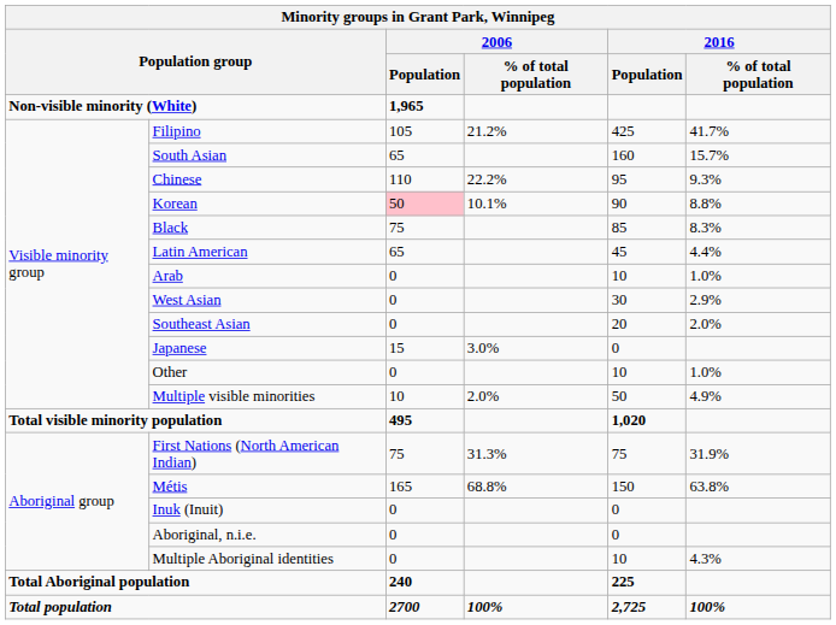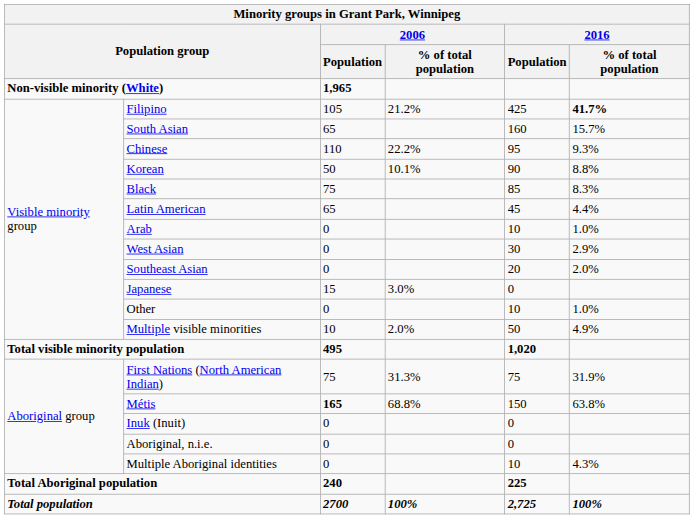 <table class="wikitable">
 <tr>
 <th colspan="6">Minority groups in Grant Park, Winnipeg</th>
 </tr>
 <tr>
 <th colspan="2" rowspan="2">Population group</th>
 <th colspan="2"><a href='#'>2006</a></th>
 <th colspan="2"><a href='#'>2016</a></th>
 </tr>
 <tr>
 <th>Population</th>
 <th>% of total population</th>
 <th>Population</th>
 <th>% of total population</th>
 </tr>
 <tr>
 <td colspan="2"><strong>Non-visible minority (<a href='#'>White</a>)</strong></td>
 <td><strong>1,965</strong></td>
 <td><strong></strong></td>
 <td></td>
 <td></td>
 </tr>
 <tr>
 <td rowspan="12"><a href='#'>Visible minority</a> group</td>
 <td><a href='#'>Filipino</a></td>
 <td>105</td>
 <td>21.2%</td>
 <td>425</td>
-<td>41.7%</td>
+<td><strong>41.7%</strong></td>
 </tr>
 <tr>
 <td><a href='#'>South Asian</a></td>
 <td>65</td>
 <td></td>
 <td>160</td>
 <td>15.7%</td>
 </tr>
 <tr>
 <td><a href='#'>Chinese</a></td>
 <td>110</td>
 <td>22.2%</td>
 <td>95</td>
 <td>9.3%</td>
 </tr>
 <tr>
 <td><a href='#'>Korean</a></td>
-<td style="background: pink;">50</td>
+<td>50</td>
 <td>10.1%</td>
 <td>90</td>
 <td>8.8%</td>
 </tr>
 <tr>
 <td><a href='#'>Black</a></td>
 <td>75</td>
 <td></td>
 <td>85</td>
 <td>8.3%</td>
 </tr>
 <tr>
 <td><a href='#'>Latin American</a></td>
 <td>65</td>
 <td></td>
 <td>45</td>
 <td>4.4%</td>
 </tr>
 <tr>
 <td><a href='#'>Arab</a></td>
 <td>0</td>
 <td></td>
 <td>10</td>
 <td>1.0%</td>
 </tr>
 <tr>
 <td><a href='#'>West Asian</a></td>
 <td>0</td>
 <td></td>
 <td>30</td>
 <td>2.9%</td>
 </tr>
 <tr>
 <td><a href='#'>Southeast Asian</a></td>
 <td>0</td>
 <td></td>
 <td>20</td>
 <td>2.0%</td>
 </tr>
 <tr>
 <td><a href='#'>Japanese</a></td>
 <td>15</td>
 <td>3.0%</td>
 <td>0</td>
 <td></td>
 </tr>
 <tr>
 <td>Other</td>
 <td>0</td>
 <td></td>
 <td>10</td>
 <td>1.0%</td>
 </tr>
 <tr>
 <td><a href='#'>Multiple</a> visible minorities</td>
 <td>10</td>
 <td>2.0%</td>
 <td>50</td>
 <td>4.9%</td>
 </tr>
 <tr>
 <td colspan="2"><strong>Total visible minority population</strong></td>
 <td><strong>495</strong></td>
 <td><strong></strong></td>
 <td><strong>1,020</strong></td>
 <td><strong></strong></td>
 </tr>
 <tr>
 <td rowspan="5"><a href='#'>Aboriginal</a> group</td>
 <td><a href='#'>First Nations</a> (<a href='#'>North American Indian</a>)</td>
 <td>75</td>
 <td>31.3%</td>
 <td>75</td>
 <td>31.9%</td>
 </tr>
 <tr>
 <td><a href='#'>Métis</a></td>
-<td>165</td>
+<td><strong>165</strong></td>
 <td>68.8%</td>
 <td>150</td>
 <td>63.8%</td>
 </tr>
 <tr>
 <td><a href='#'>Inuk</a> (Inuit)</td>
 <td>0</td>
 <td></td>
 <td>0</td>
 <td></td>
 </tr>
 <tr>
 <td>Aboriginal, n.i.e.</td>
 <td>0</td>
 <td></td>
 <td>0</td>
 <td></td>
 </tr>
 <tr>
 <td>Multiple Aboriginal identities</td>
 <td>0</td>
 <td></td>
 <td>10</td>
 <td>4.3%</td>
 </tr>
 <tr>
 <td colspan="2"><strong>Total Aboriginal population</strong></td>
 <td><strong>240</strong></td>
 <td><strong></strong></td>
 <td><strong>225</strong></td>
 <td><strong></strong></td>
 </tr>
 <tr>
 <td colspan="2"><strong><em>Total population</em></strong></td>
 <td><strong><em>2700</em></strong></td>
 <td><strong><em>100%</em></strong></td>
 <td><strong><em>2,725</em></strong></td>
 <td><strong><em>100%</em></strong></td>
 </tr>
 </table>
